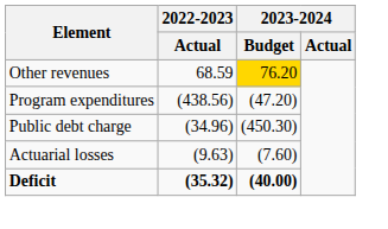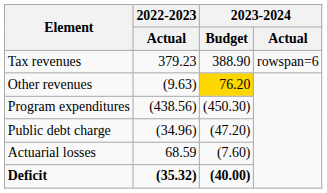 <table class="wikitable" style="text-align:right; font-size:85%">
 <tr>
 <th rowspan=2>Element</th>
 <th>2022-2023</th>
 <th colspan="2">2023-2024</th>
 </tr>
 <tr>
 <th>Actual</th>
 <th>Budget</th>
 <th>Actual</th>
 </tr>
 <tr>
+<td style="text-align:left">Tax revenues</td>
+<td>379.23</td>
+<td>388.90</td>
+<td>rowspan=6 </td>
+</tr>
+<tr>
 <td style="text-align:left">Other revenues</td>
-<td>68.59</td>
+<td>(9.63)</td>
 <td style="background: gold;">76.20</td>
 </tr>
 <tr>
 <td style="text-align:left">Program expenditures</td>
 <td>(438.56)</td>
-<td>(47.20)</td>
+<td>(450.30)</td>
 </tr>
 <tr>
 <td style="text-align:left">Public debt charge</td>
 <td>(34.96)</td>
-<td>(450.30)</td>
+<td>(47.20)</td>
 </tr>
 <tr>
 <td style="text-align:left">Actuarial losses</td>
-<td>(9.63)</td>
+<td>68.59</td>
 <td>(7.60)</td>
 </tr>
 <tr>
 <td style="text-align:left"><strong>Deficit</strong></td>
 <td><strong>(35.32)</strong></td>
 <td><strong>(40.00)</strong></td>
 </tr>
 </table>
